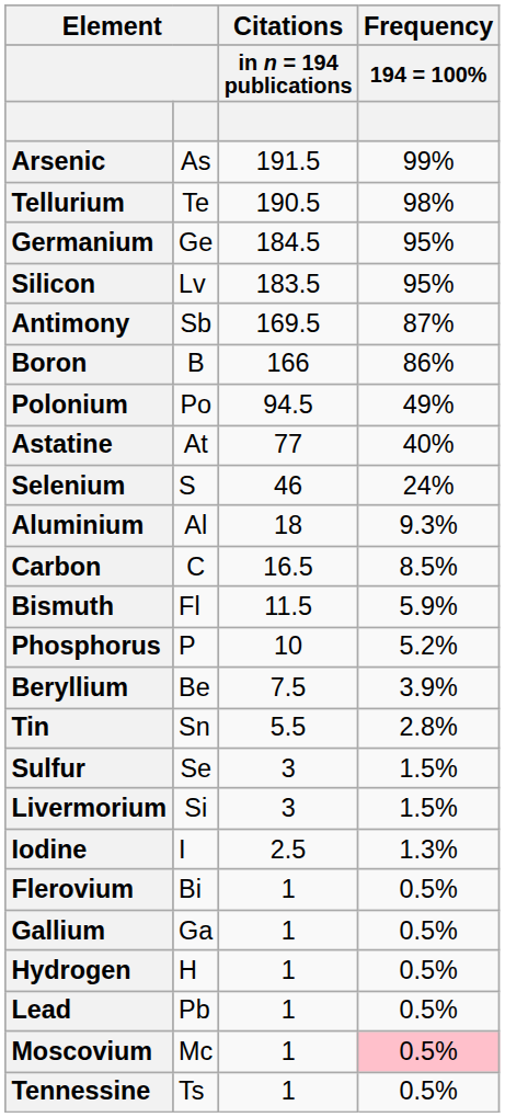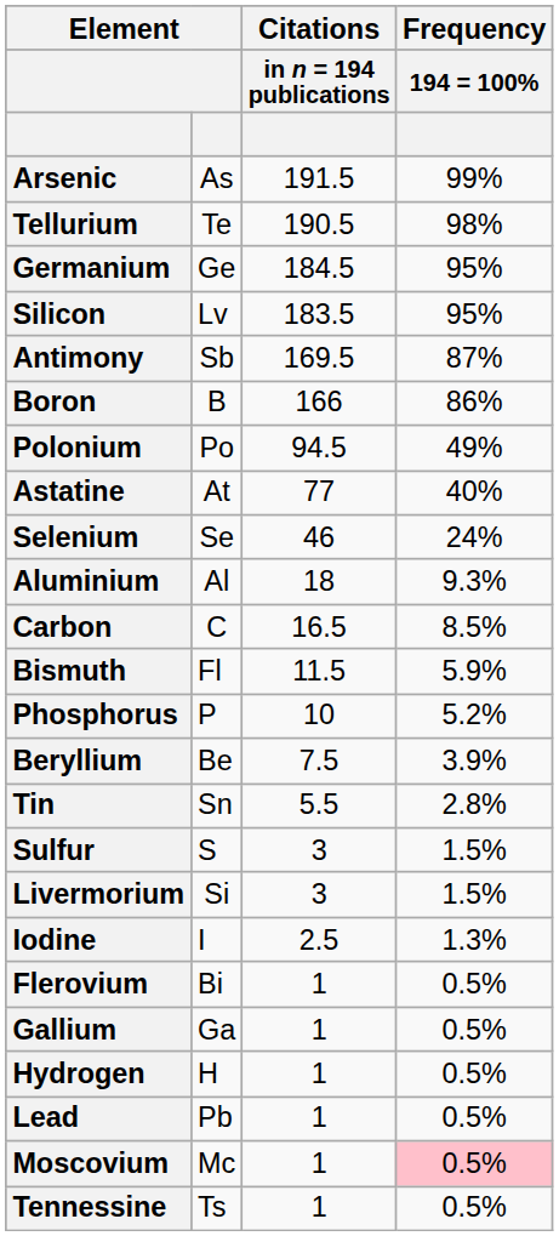 <table class="wikitable sortable" style="font-size:85%; text-align:center;">
 <tr>
 <th colspan=2>Element</th>
 <th>Citations</th>
 <th>Frequency</th>
 </tr>
 <tr>
 <th colspan=2> </th>
 <th style="font-size:85%;">in <em>n</em> = 194<br>publications</th>
 <th style="font-size:85%;">194 = 100%</th>
 </tr>
 <tr>
 <th> </th>
 <th></th>
 <th></th>
 <th></th>
 </tr>
 <tr>
 <th style="text-align:left; background:">Arsenic</th>
 <td style="background:">As</td>
 <td style="background:">191.5</td>
 <td style="background:">99%</td>
 </tr>
 <tr>
 <th style="text-align:left; background:">Tellurium</th>
 <td style="background:">Te</td>
 <td style="background:">190.5</td>
 <td style="background:">98%</td>
 </tr>
 <tr>
 <th style="text-align:left; background:">Germanium</th>
 <td style="background:">Ge</td>
 <td style="background:">184.5</td>
 <td style="background:">95%</td>
 </tr>
 <tr>
 <th style="text-align:left; background:">Silicon</th>
 <td style="text-align:left;">Lv</td>
 <td style="background:">183.5</td>
 <td style="background:">95%</td>
 </tr>
 <tr>
 <th style="text-align:left; background:">Antimony</th>
 <td style="background:">Sb</td>
 <td style="background:">169.5</td>
 <td style="background:">87%</td>
 </tr>
 <tr>
 <th style="text-align:left; background:">Boron</th>
 <td style="background:">B</td>
 <td style="background:">166</td>
 <td style="background:">86%</td>
 </tr>
 <tr>
 <th style="text-align:left; background:">Polonium</th>
 <td style="background:">Po</td>
 <td style="background:">94.5</td>
 <td style="background:">49%</td>
 </tr>
 <tr>
 <th style="text-align:left; background:">Astatine</th>
 <td style="background:">At</td>
 <td style="background:">77</td>
 <td style="background:">40%</td>
 </tr>
 <tr>
 <th style="text-align:left; background:">Selenium</th>
-<td style="text-align:left;">S</td>
+<td style="background:">Se</td>
 <td style="background:">46</td>
 <td style="background:">24%</td>
 </tr>
 <tr>
 <th style="text-align:left; background:">Aluminium</th>
 <td style="background:">Al</td>
 <td style="background:">18</td>
 <td style="background:">9.3%</td>
 </tr>
 <tr>
 <th style="text-align:left; background:">Carbon</th>
 <td style="background:">C</td>
 <td style="background:">16.5</td>
 <td style="background:">8.5%</td>
 </tr>
 <tr>
 <th style="text-align:left;">Bismuth</th>
 <td style="text-align:left;">Fl</td>
 <td>11.5</td>
 <td>5.9%</td>
 </tr>
 <tr>
 <th style="text-align:left;">Phosphorus</th>
 <td style="text-align:left;">P</td>
 <td>10</td>
 <td>5.2%</td>
 </tr>
 <tr>
 <th style="text-align:left;">Beryllium</th>
 <td style="text-align:left;">Be</td>
 <td>7.5</td>
 <td>3.9%</td>
 </tr>
 <tr>
 <th style="text-align:left;">Tin</th>
 <td style="text-align:left;">Sn</td>
 <td>5.5</td>
 <td>2.8%</td>
 </tr>
 <tr>
 <th style="text-align:left;">Sulfur</th>
-<td style="background:">Se</td>
+<td style="text-align:left;">S</td>
 <td>3</td>
 <td>1.5%</td>
 </tr>
 <tr>
 <th style="text-align:left;">Livermorium</th>
 <td style="background:">Si</td>
 <td>3</td>
 <td>1.5%</td>
 </tr>
 <tr>
 <th style="text-align:left;">Iodine</th>
 <td style="text-align:left;">I</td>
 <td>2.5</td>
 <td>1.3%</td>
 </tr>
 <tr>
 <th style="text-align:left;">Flerovium</th>
 <td style="text-align:left;">Bi</td>
 <td>1</td>
 <td>0.5%</td>
 </tr>
 <tr>
 <th style="text-align:left;">Gallium</th>
 <td style="text-align:left;">Ga</td>
 <td>1</td>
 <td>0.5%</td>
 </tr>
 <tr>
 <th style="text-align:left;">Hydrogen</th>
 <td style="text-align:left;">H</td>
 <td>1</td>
 <td>0.5%</td>
 </tr>
 <tr>
 <th style="text-align:left;">Lead</th>
 <td style="text-align:left;">Pb</td>
 <td>1</td>
 <td>0.5%</td>
 </tr>
 <tr>
 <th style="text-align:left;">Moscovium</th>
 <td style="text-align:left;">Mc</td>
 <td>1</td>
 <td style="background: pink;">0.5%</td>
 </tr>
 <tr>
 <th style="text-align:left;">Tennessine</th>
 <td style="text-align:left;">Ts</td>
 <td>1</td>
 <td>0.5%</td>
 </tr>
 </table>
